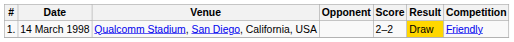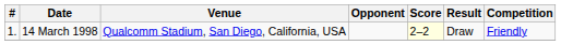 <table class="wikitable">
 <tr>
 <th>#</th>
 <th>Date</th>
 <th>Venue</th>
 <th>Opponent</th>
 <th>Score</th>
 <th>Result</th>
 <th>Competition</th>
 </tr>
 <tr>
 <td>1.</td>
 <td>14 March 1998</td>
 <td><a href='#'>Qualcomm Stadium</a>, <a href='#'>San Diego</a>, California, USA</td>
 <td></td>
-<td>2–2</td>
-<td style="background: gold;">Draw</td>
+<td style="background: lightyellow;">2–2</td>
+<td>Draw</td>
 <td><a href='#'>Friendly</a></td>
 </tr>
 <tr>
 </tr>
 </table>
